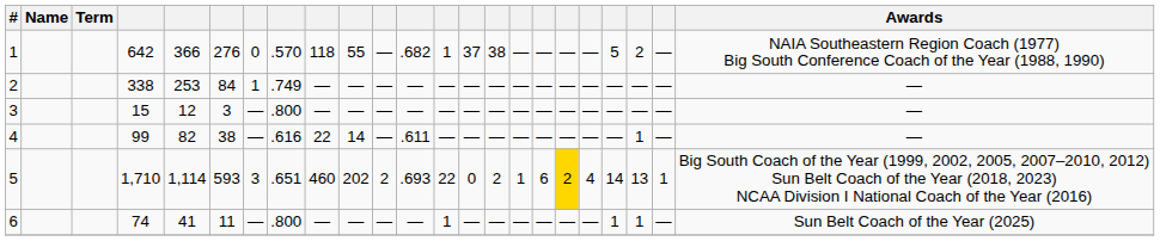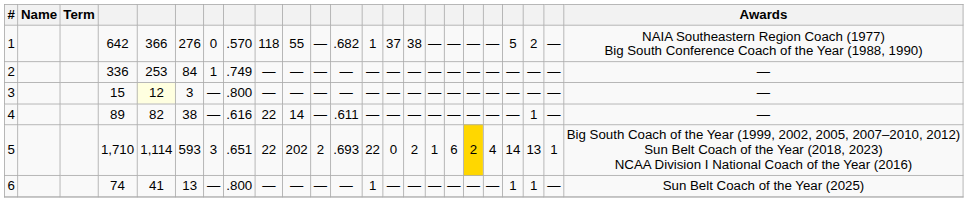 <table class="wikitable sortable" style="text-align:center;">
 <tr>
 <th scope="col">#</th>
 <th scope="col">Name</th>
 <th scope="col">Term</th>
 <th scope="col"></th>
 <th scope="col"></th>
 <th scope="col"></th>
 <th scope="col"></th>
 <th scope="col"></th>
 <th scope="col"></th>
 <th scope="col"></th>
 <th scope="col"></th>
 <th scope="col"></th>
 <th scope="col"></th>
 <th scope="col"></th>
 <th scope="col"></th>
 <th scope="col"></th>
 <th scope="col"></th>
 <th scope="col"></th>
 <th scope="col"></th>
 <th scope="col"></th>
 <th scope="col"></th>
 <th scope="col"></th>
 <th scope="col" class="unsortable">Awards</th>
 </tr>
 <tr>
 <td scope="row">1</td>
 <td></td>
 <td></td>
 <td>642</td>
 <td>366</td>
 <td>276</td>
 <td>0</td>
 <td>.570</td>
 <td>118</td>
 <td>55</td>
 <td>—</td>
 <td>.682</td>
 <td>1</td>
 <td>37</td>
 <td>38</td>
 <td>—</td>
 <td>—</td>
 <td>—</td>
 <td>—</td>
 <td>5</td>
 <td>2</td>
 <td>—</td>
 <td>NAIA Southeastern Region Coach (1977)<br>Big South Conference Coach of the Year (1988, 1990)</td>
 </tr>
 <tr>
 <td scope="row">2</td>
 <td></td>
 <td></td>
-<td>338</td>
+<td>336</td>
 <td>253</td>
 <td>84</td>
 <td>1</td>
 <td>.749</td>
 <td>—</td>
 <td>—</td>
 <td>—</td>
 <td>—</td>
 <td>—</td>
 <td>—</td>
 <td>—</td>
 <td>—</td>
 <td>—</td>
 <td>—</td>
 <td>—</td>
 <td>—</td>
 <td>—</td>
 <td>—</td>
 <td>—</td>
 </tr>
 <tr>
 <td scope="row">3</td>
 <td></td>
 <td></td>
 <td>15</td>
-<td>12</td>
+<td style="background: lightyellow;">12</td>
 <td>3</td>
 <td>—</td>
 <td>.800</td>
 <td>—</td>
 <td>—</td>
 <td>—</td>
 <td>—</td>
 <td>—</td>
 <td>—</td>
 <td>—</td>
 <td>—</td>
 <td>—</td>
 <td>—</td>
 <td>—</td>
 <td>—</td>
 <td>—</td>
 <td>—</td>
 <td>—</td>
 </tr>
 <tr>
 <td scope="row">4</td>
 <td></td>
 <td></td>
-<td>99</td>
+<td>89</td>
 <td>82</td>
 <td>38</td>
 <td>—</td>
 <td>.616</td>
 <td>22</td>
 <td>14</td>
 <td>—</td>
 <td>.611</td>
 <td>—</td>
 <td>—</td>
 <td>—</td>
 <td>—</td>
 <td>—</td>
 <td>—</td>
 <td>—</td>
 <td>—</td>
 <td>1</td>
 <td>—</td>
 <td>—</td>
 </tr>
 <tr>
 <td scope="row">5</td>
 <td></td>
 <td></td>
 <td>1,710</td>
 <td>1,114</td>
 <td>593</td>
 <td>3</td>
 <td>.651</td>
-<td>460</td>
+<td>22</td>
 <td>202</td>
 <td>2</td>
 <td>.693</td>
 <td>22</td>
 <td>0</td>
 <td>2</td>
 <td>1</td>
 <td>6</td>
 <td style="background: gold;">2</td>
 <td>4</td>
 <td>14</td>
 <td>13</td>
 <td>1</td>
 <td>Big South Coach of the Year (1999, 2002, 2005, 2007–2010, 2012)<br>Sun Belt Coach of the Year (2018, 2023)<br>NCAA Division I National Coach of the Year (2016)</td>
 </tr>
 <tr>
 <td scope="row">6</td>
 <td></td>
 <td></td>
 <td>74</td>
 <td>41</td>
-<td>11</td>
+<td>13</td>
 <td>—</td>
 <td>.800</td>
 <td>—</td>
 <td>—</td>
 <td>—</td>
 <td>—</td>
 <td>1</td>
 <td>—</td>
 <td>—</td>
 <td>—</td>
 <td>—</td>
 <td>—</td>
 <td>—</td>
 <td>1</td>
 <td>1</td>
 <td>—</td>
 <td>Sun Belt Coach of the Year (2025)</td>
 </tr>
 <tr>
 </tr>
 </table>
